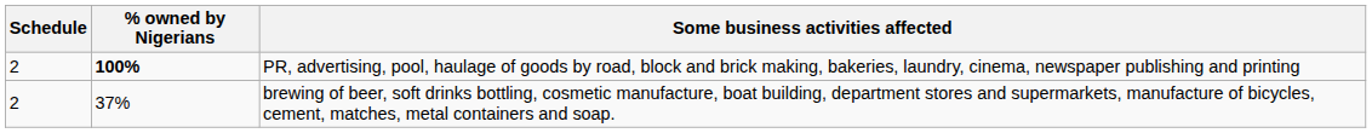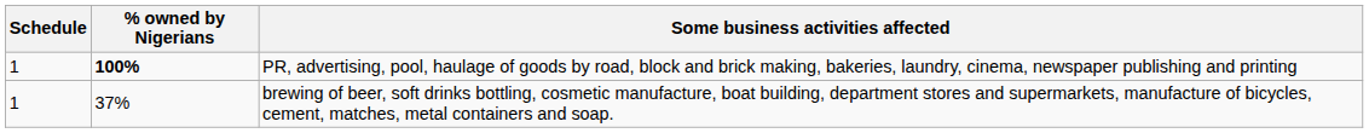 <table class="wikitable">
 <tr>
 <th>Schedule</th>
 <th>% owned by Nigerians</th>
 <th>Some business activities affected</th>
 </tr>
 <tr>
-<td>2</td>
+<td>1</td>
 <td><strong>100%</strong></td>
 <td>PR, advertising, pool, haulage of goods by road, block and brick making, bakeries, laundry, cinema, newspaper publishing and printing</td>
 </tr>
 <tr>
-<td>2</td>
+<td>1</td>
 <td>37%</td>
 <td>brewing of beer, soft drinks bottling, cosmetic manufacture, boat building, department stores and supermarkets, manufacture of bicycles, cement, matches, metal containers and soap.</td>
 </tr>
 </table>
